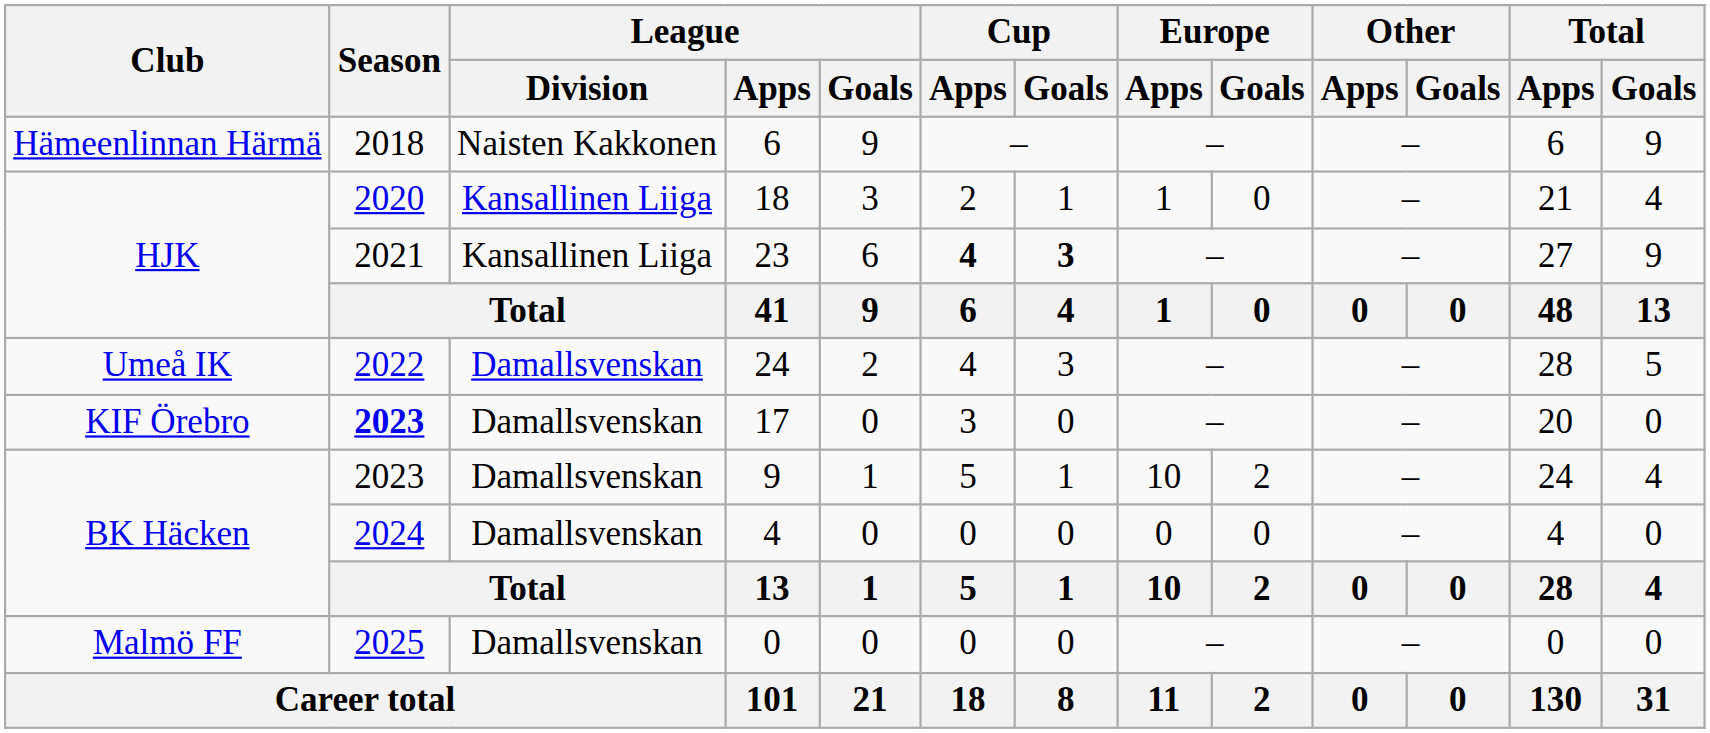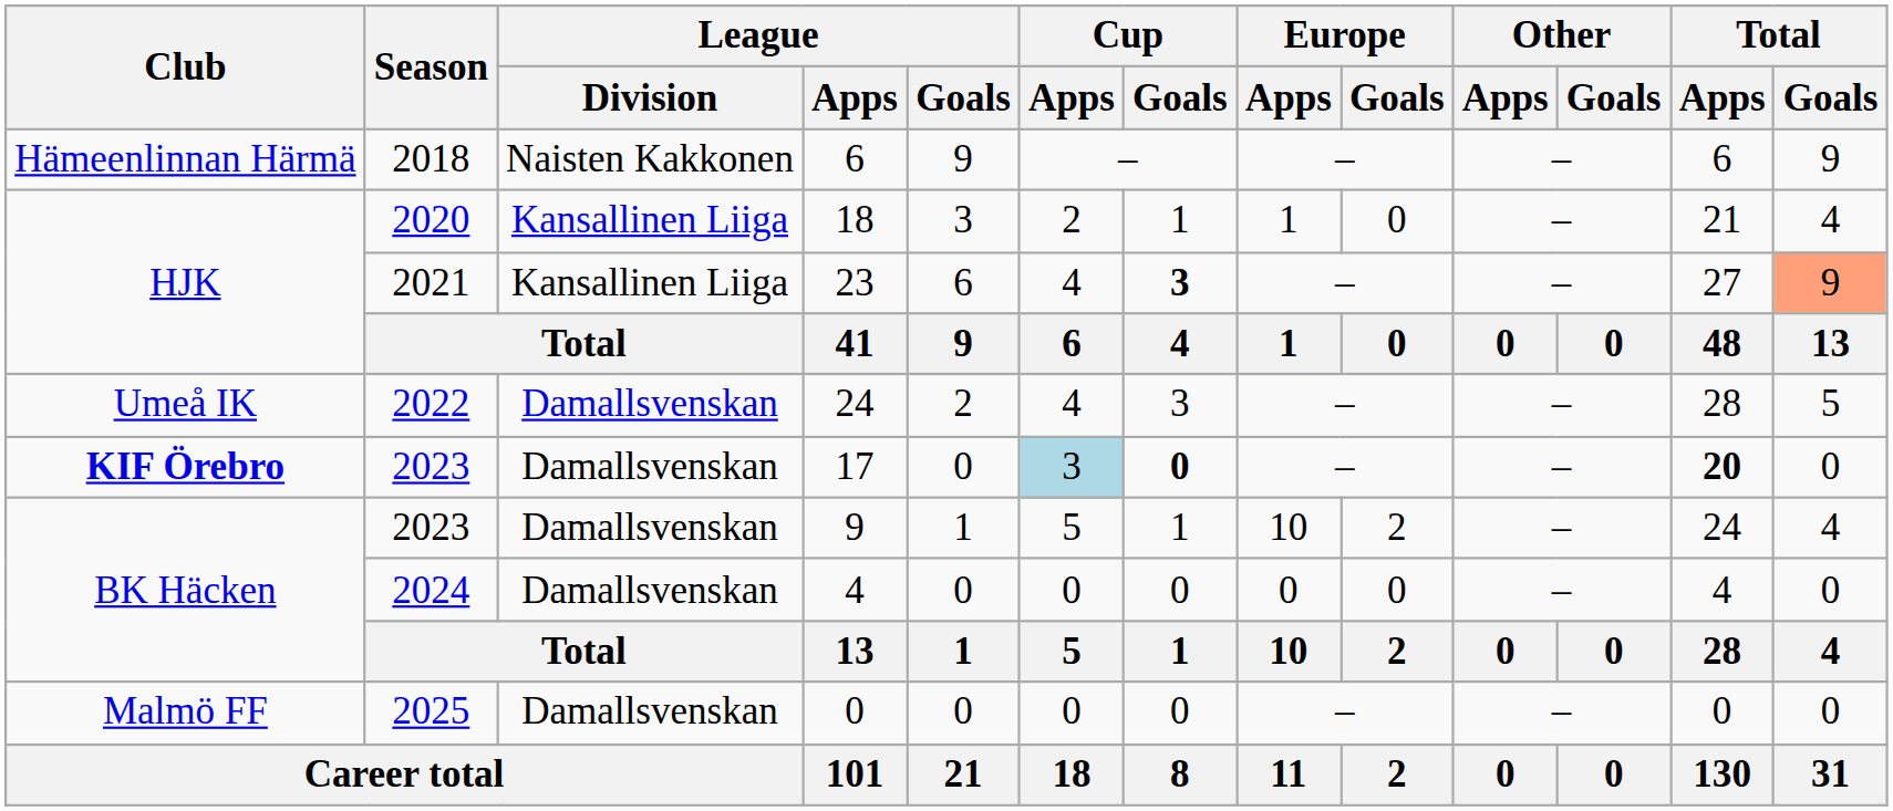 <table class="wikitable" style="text-align:center">
 <tr>
 <th rowspan="2">Club</th>
 <th rowspan="2">Season</th>
 <th colspan="3">League</th>
 <th colspan="2">Cup</th>
 <th colspan="2">Europe</th>
 <th colspan="2">Other</th>
 <th colspan="2">Total</th>
 </tr>
 <tr>
 <th>Division</th>
 <th>Apps</th>
 <th>Goals</th>
 <th>Apps</th>
 <th>Goals</th>
 <th>Apps</th>
 <th>Goals</th>
 <th>Apps</th>
 <th>Goals</th>
 <th>Apps</th>
 <th>Goals</th>
 </tr>
 <tr>
 <td><a href='#'>Hämeenlinnan Härmä</a></td>
 <td>2018</td>
 <td>Naisten Kakkonen</td>
 <td>6</td>
 <td>9</td>
 <td colspan=2>–</td>
 <td colspan=2>–</td>
 <td colspan=2>–</td>
 <td>6</td>
 <td>9</td>
 </tr>
 <tr>
 <td rowspan=3><a href='#'>HJK</a></td>
 <td><a href='#'>2020</a></td>
 <td><a href='#'>Kansallinen Liiga</a></td>
 <td>18</td>
 <td>3</td>
 <td>2</td>
 <td>1</td>
 <td>1</td>
 <td>0</td>
 <td colspan=2>–</td>
 <td>21</td>
 <td>4</td>
 </tr>
 <tr>
 <td>2021</td>
 <td>Kansallinen Liiga</td>
 <td>23</td>
 <td>6</td>
-<td><strong>4</strong></td>
+<td>4</td>
 <td><strong>3</strong></td>
 <td colspan=2>–</td>
 <td colspan=2>–</td>
 <td>27</td>
-<td>9</td>
+<td style="background: lightsalmon;">9</td>
 </tr>
 <tr>
 <th colspan="2">Total</th>
 <th>41</th>
 <th>9</th>
 <th>6</th>
 <th>4</th>
 <th>1</th>
 <th>0</th>
 <th>0</th>
 <th>0</th>
 <th>48</th>
 <th>13</th>
 </tr>
 <tr>
 <td><a href='#'>Umeå IK</a></td>
 <td><a href='#'>2022</a></td>
 <td><a href='#'>Damallsvenskan</a></td>
 <td>24</td>
 <td>2</td>
 <td>4</td>
 <td>3</td>
 <td colspan=2>–</td>
 <td colspan=2>–</td>
 <td>28</td>
 <td>5</td>
 </tr>
 <tr>
-<td><a href='#'>KIF Örebro</a></td>
-<td><strong><a href='#'>2023</a></strong></td>
+<td><strong><a href='#'>KIF Örebro</a></strong></td>
+<td><a href='#'>2023</a></td>
 <td>Damallsvenskan</td>
 <td>17</td>
 <td>0</td>
-<td>3</td>
-<td>0</td>
+<td style="background: lightblue;">3</td>
+<td><strong>0</strong></td>
 <td colspan=2>–</td>
 <td colspan=2>–</td>
-<td>20</td>
+<td><strong>20</strong></td>
 <td>0</td>
 </tr>
 <tr>
 <td rowspan=3><a href='#'>BK Häcken</a></td>
 <td>2023</td>
 <td>Damallsvenskan</td>
 <td>9</td>
 <td>1</td>
 <td>5</td>
 <td>1</td>
 <td>10</td>
 <td>2</td>
 <td colspan=2>–</td>
 <td>24</td>
 <td>4</td>
 </tr>
 <tr>
 <td><a href='#'>2024</a></td>
 <td>Damallsvenskan</td>
 <td>4</td>
 <td>0</td>
 <td>0</td>
 <td>0</td>
 <td>0</td>
 <td>0</td>
 <td colspan=2>–</td>
 <td>4</td>
 <td>0</td>
 </tr>
 <tr>
 <th colspan="2">Total</th>
 <th>13</th>
 <th>1</th>
 <th>5</th>
 <th>1</th>
 <th>10</th>
 <th>2</th>
 <th>0</th>
 <th>0</th>
 <th>28</th>
 <th>4</th>
 </tr>
 <tr>
 <td><a href='#'>Malmö FF</a></td>
 <td><a href='#'>2025</a></td>
 <td>Damallsvenskan</td>
 <td>0</td>
 <td>0</td>
 <td>0</td>
 <td>0</td>
 <td colspan=2>–</td>
 <td colspan=2>–</td>
 <td>0</td>
 <td>0</td>
 </tr>
 <tr>
 <th colspan="3">Career total</th>
 <th>101</th>
 <th>21</th>
 <th>18</th>
 <th>8</th>
 <th>11</th>
 <th>2</th>
 <th>0</th>
 <th>0</th>
 <th>130</th>
 <th>31</th>
 </tr>
 </table>
